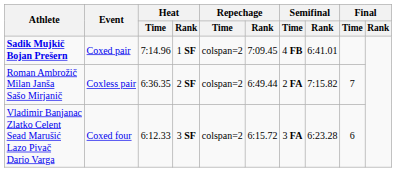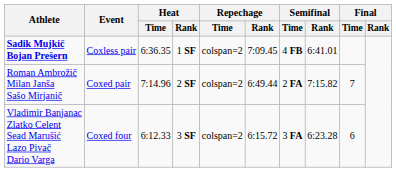 <table class=wikitable style=font-size:90%;text-align:center>
 <tr>
 <th rowspan=2>Athlete</th>
 <th rowspan=2>Event</th>
 <th colspan=2>Heat</th>
 <th colspan=2>Repechage</th>
 <th colspan=2>Semifinal</th>
 <th colspan=2>Final</th>
 </tr>
 <tr style=font-size:95%>
 <th>Time</th>
 <th>Rank</th>
 <th>Time</th>
 <th>Rank</th>
 <th>Time</th>
 <th>Rank</th>
 <th>Time</th>
 <th>Rank</th>
 </tr>
 <tr>
 <td align=left><strong><a href='#'>Sadik Mujkič</a><br><a href='#'>Bojan Prešern</a></strong></td>
-<td align=left><a href='#'>Coxed pair</a></td>
-<td>7:14.96</td>
+<td align=left><a href='#'>Coxless pair</a></td>
+<td>6:36.35</td>
 <td>1 <strong>SF</strong></td>
 <td>colspan=2 </td>
 <td>7:09.45</td>
 <td>4 <strong>FB</strong></td>
 <td>6:41.01</td>
 <td></td>
 </tr>
 <tr>
 <td align=left><a href='#'>Roman Ambrožič</a><br><a href='#'>Milan Janša</a><br><a href='#'>Sašo Mirjanič</a></td>
-<td align=left><a href='#'>Coxless pair</a></td>
-<td>6:36.35</td>
+<td align=left><a href='#'>Coxed pair</a></td>
+<td>7:14.96</td>
 <td>2 <strong>SF</strong></td>
 <td>colspan=2 </td>
 <td>6:49.44</td>
 <td>2 <strong>FA</strong></td>
 <td>7:15.82</td>
 <td>7</td>
 </tr>
 <tr>
 <td align=left><a href='#'>Vladimir Banjanac</a><br><a href='#'>Zlatko Celent</a><br><a href='#'>Sead Marušić</a><br><a href='#'>Lazo Pivač</a><br><a href='#'>Dario Varga</a></td>
 <td align=left><a href='#'>Coxed four</a></td>
 <td>6:12.33</td>
 <td>3 <strong>SF</strong></td>
 <td>colspan=2 </td>
 <td>6:15.72</td>
 <td>3 <strong>FA</strong></td>
 <td>6:23.28</td>
 <td>6</td>
 </tr>
 </table>
